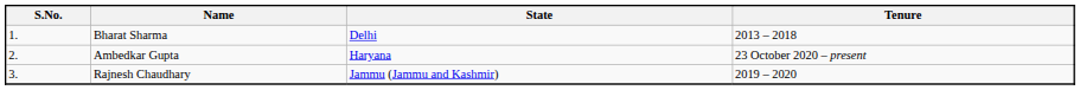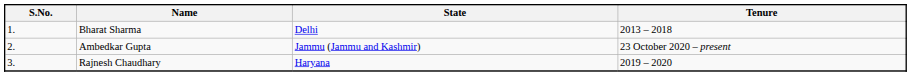 <table class="wikitable sortable" style="border-collapse: collapse; border: 2px #000000 solid; font-size: x-big; font-family: verdana" width="70%" cellspacing="0" cellpadding="2" border="1">
 <tr bgcolor="efefef" align="center">
 <th>S.No.</th>
 <th>Name</th>
 <th>State</th>
 <th>Tenure</th>
 </tr>
 <tr>
 <td>1.</td>
 <td>Bharat Sharma</td>
 <td><a href='#'>Delhi</a></td>
 <td>2013 – 2018</td>
 </tr>
 <tr>
 <td>2.</td>
 <td>Ambedkar Gupta </td>
-<td><a href='#'>Haryana</a></td>
+<td><a href='#'>Jammu</a> (<a href='#'>Jammu and Kashmir</a>)</td>
 <td>23 October 2020 – <em>present</em></td>
 </tr>
 <tr>
 <td>3.</td>
 <td>Rajnesh Chaudhary</td>
-<td><a href='#'>Jammu</a> (<a href='#'>Jammu and Kashmir</a>)</td>
+<td><a href='#'>Haryana</a></td>
 <td>2019 – 2020</td>
 </tr>
 <tr>
 </tr>
 </table>
